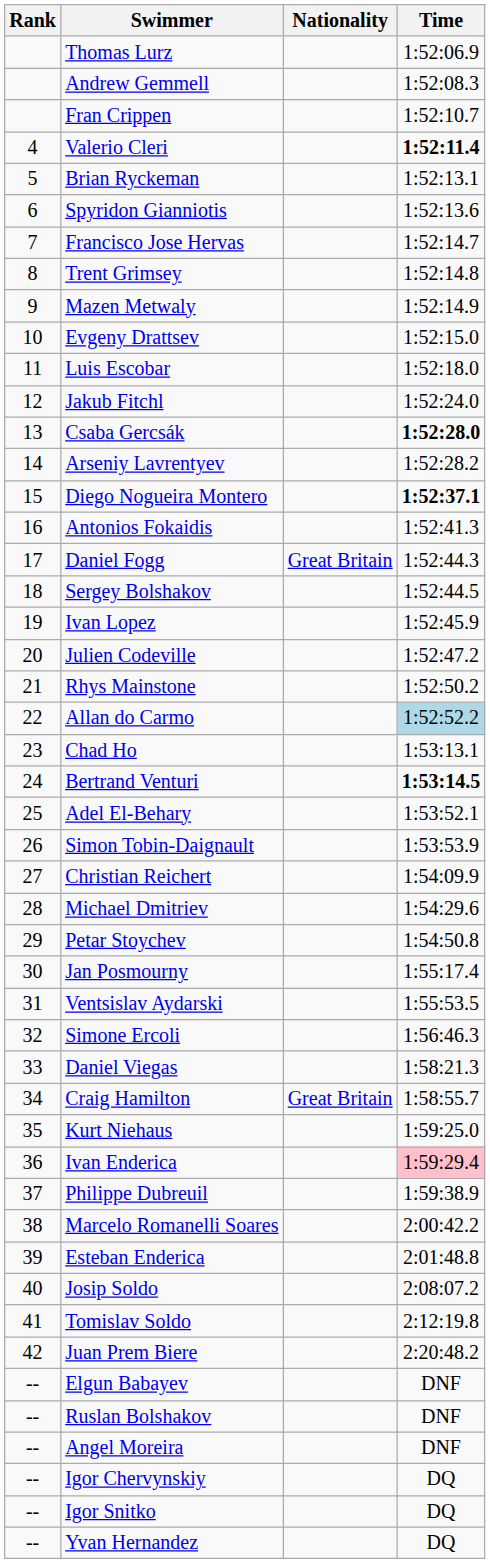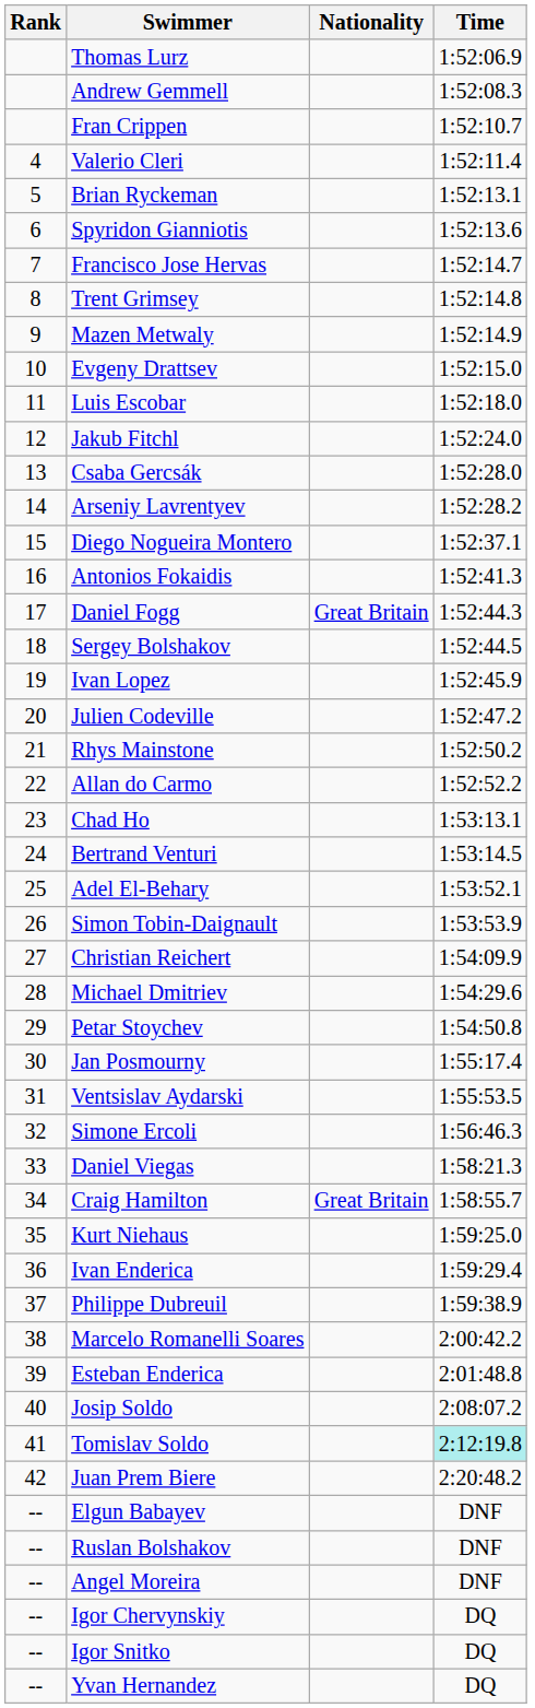 <table class="wikitable" border="1" style="text-align:center">
 <tr>
 <th>Rank</th>
 <th>Swimmer</th>
 <th>Nationality</th>
 <th>Time</th>
 </tr>
 <tr>
 <td></td>
 <td align=left><a href='#'>Thomas Lurz</a></td>
 <td align=left></td>
 <td>1:52:06.9</td>
 </tr>
 <tr>
 <td></td>
 <td align=left><a href='#'>Andrew Gemmell</a></td>
 <td align=left></td>
 <td>1:52:08.3</td>
 </tr>
 <tr>
 <td></td>
 <td align=left><a href='#'>Fran Crippen</a></td>
 <td align=left></td>
 <td>1:52:10.7</td>
 </tr>
 <tr>
 <td>4</td>
 <td align=left><a href='#'>Valerio Cleri</a></td>
 <td align=left></td>
-<td><strong>1:52:11.4</strong></td>
+<td>1:52:11.4</td>
 </tr>
 <tr>
 <td>5</td>
 <td align=left><a href='#'>Brian Ryckeman</a></td>
 <td align=left></td>
 <td>1:52:13.1</td>
 </tr>
 <tr>
 <td>6</td>
 <td align=left><a href='#'>Spyridon Gianniotis</a></td>
 <td align=left></td>
 <td>1:52:13.6</td>
 </tr>
 <tr>
 <td>7</td>
 <td align=left><a href='#'>Francisco Jose Hervas</a></td>
 <td align=left></td>
 <td>1:52:14.7</td>
 </tr>
 <tr>
 <td>8</td>
 <td align=left><a href='#'>Trent Grimsey</a></td>
 <td align=left></td>
 <td>1:52:14.8</td>
 </tr>
 <tr>
 <td>9</td>
 <td align=left><a href='#'>Mazen Metwaly</a></td>
 <td align=left></td>
 <td>1:52:14.9</td>
 </tr>
 <tr>
 <td>10</td>
 <td align=left><a href='#'>Evgeny Drattsev</a></td>
 <td align=left></td>
 <td>1:52:15.0</td>
 </tr>
 <tr>
 <td>11</td>
 <td align=left><a href='#'>Luis Escobar</a></td>
 <td align=left></td>
 <td>1:52:18.0</td>
 </tr>
 <tr>
 <td>12</td>
 <td align=left><a href='#'>Jakub Fitchl</a></td>
 <td align=left></td>
 <td>1:52:24.0</td>
 </tr>
 <tr>
 <td>13</td>
 <td align=left><a href='#'>Csaba Gercsák</a></td>
 <td align=left></td>
-<td><strong>1:52:28.0</strong></td>
+<td>1:52:28.0</td>
 </tr>
 <tr>
 <td>14</td>
 <td align=left><a href='#'>Arseniy Lavrentyev</a></td>
 <td align=left></td>
 <td>1:52:28.2</td>
 </tr>
 <tr>
 <td>15</td>
 <td align=left><a href='#'>Diego Nogueira Montero</a></td>
 <td align=left></td>
-<td><strong>1:52:37.1</strong></td>
+<td>1:52:37.1</td>
 </tr>
 <tr>
 <td>16</td>
 <td align=left><a href='#'>Antonios Fokaidis</a></td>
 <td align=left></td>
 <td>1:52:41.3</td>
 </tr>
 <tr>
 <td>17</td>
 <td align=left><a href='#'>Daniel Fogg</a></td>
 <td align=left> <a href='#'>Great Britain</a></td>
 <td>1:52:44.3</td>
 </tr>
 <tr>
 <td>18</td>
 <td align=left><a href='#'>Sergey Bolshakov</a></td>
 <td align=left></td>
 <td>1:52:44.5</td>
 </tr>
 <tr>
 <td>19</td>
 <td align=left><a href='#'>Ivan Lopez</a></td>
 <td align=left></td>
 <td>1:52:45.9</td>
 </tr>
 <tr>
 <td>20</td>
 <td align=left><a href='#'>Julien Codeville</a></td>
 <td align=left></td>
 <td>1:52:47.2</td>
 </tr>
 <tr>
 <td>21</td>
 <td align=left><a href='#'>Rhys Mainstone</a></td>
 <td align=left></td>
 <td>1:52:50.2</td>
 </tr>
 <tr>
 <td>22</td>
 <td align=left><a href='#'>Allan do Carmo</a></td>
 <td align=left></td>
-<td style="background: lightblue;">1:52:52.2</td>
+<td>1:52:52.2</td>
 </tr>
 <tr>
 <td>23</td>
 <td align=left><a href='#'>Chad Ho</a></td>
 <td align=left></td>
 <td>1:53:13.1</td>
 </tr>
 <tr>
 <td>24</td>
 <td align=left><a href='#'>Bertrand Venturi</a></td>
 <td align=left></td>
-<td><strong>1:53:14.5</strong></td>
+<td>1:53:14.5</td>
 </tr>
 <tr>
 <td>25</td>
 <td align=left><a href='#'>Adel El-Behary</a></td>
 <td align=left></td>
 <td>1:53:52.1</td>
 </tr>
 <tr>
 <td>26</td>
 <td align=left><a href='#'>Simon Tobin-Daignault</a></td>
 <td align=left></td>
 <td>1:53:53.9</td>
 </tr>
 <tr>
 <td>27</td>
 <td align=left><a href='#'>Christian Reichert</a></td>
 <td align=left></td>
 <td>1:54:09.9</td>
 </tr>
 <tr>
 <td>28</td>
 <td align=left><a href='#'>Michael Dmitriev</a></td>
 <td align=left></td>
 <td>1:54:29.6</td>
 </tr>
 <tr>
 <td>29</td>
 <td align=left><a href='#'>Petar Stoychev</a></td>
 <td align=left></td>
 <td>1:54:50.8</td>
 </tr>
 <tr>
 <td>30</td>
 <td align=left><a href='#'>Jan Posmourny</a></td>
 <td align=left></td>
 <td>1:55:17.4</td>
 </tr>
 <tr>
 <td>31</td>
 <td align=left><a href='#'>Ventsislav Aydarski</a></td>
 <td align=left></td>
 <td>1:55:53.5</td>
 </tr>
 <tr>
 <td>32</td>
 <td align=left><a href='#'>Simone Ercoli</a></td>
 <td align=left></td>
 <td>1:56:46.3</td>
 </tr>
 <tr>
 <td>33</td>
 <td align=left><a href='#'>Daniel Viegas</a></td>
 <td align=left></td>
 <td>1:58:21.3</td>
 </tr>
 <tr>
 <td>34</td>
 <td align=left><a href='#'>Craig Hamilton</a></td>
 <td align=left> <a href='#'>Great Britain</a></td>
 <td>1:58:55.7</td>
 </tr>
 <tr>
 <td>35</td>
 <td align=left><a href='#'>Kurt Niehaus</a></td>
 <td align=left></td>
 <td>1:59:25.0</td>
 </tr>
 <tr>
 <td>36</td>
 <td align=left><a href='#'>Ivan Enderica</a></td>
 <td align=left></td>
-<td style="background: pink;">1:59:29.4</td>
+<td>1:59:29.4</td>
 </tr>
 <tr>
 <td>37</td>
 <td align=left><a href='#'>Philippe Dubreuil</a></td>
 <td align=left></td>
 <td>1:59:38.9</td>
 </tr>
 <tr>
 <td>38</td>
 <td align=left><a href='#'>Marcelo Romanelli Soares</a></td>
 <td align=left></td>
 <td>2:00:42.2</td>
 </tr>
 <tr>
 <td>39</td>
 <td align=left><a href='#'>Esteban Enderica</a></td>
 <td align=left></td>
 <td>2:01:48.8</td>
 </tr>
 <tr>
 <td>40</td>
 <td align=left><a href='#'>Josip Soldo</a></td>
 <td align=left></td>
 <td>2:08:07.2</td>
 </tr>
 <tr>
 <td>41</td>
 <td align=left><a href='#'>Tomislav Soldo</a></td>
 <td align=left></td>
-<td>2:12:19.8</td>
+<td style="background: paleturquoise;">2:12:19.8</td>
 </tr>
 <tr>
 <td>42</td>
 <td align=left><a href='#'>Juan Prem Biere</a></td>
 <td align=left></td>
 <td>2:20:48.2</td>
 </tr>
 <tr>
 <td>--</td>
 <td align=left><a href='#'>Elgun Babayev</a></td>
 <td align=left></td>
 <td>DNF</td>
 </tr>
 <tr>
 <td>--</td>
 <td align=left><a href='#'>Ruslan Bolshakov</a></td>
 <td align=left></td>
 <td>DNF</td>
 </tr>
 <tr>
 <td>--</td>
 <td align=left><a href='#'>Angel Moreira</a></td>
 <td align=left></td>
 <td>DNF</td>
 </tr>
 <tr>
 <td>--</td>
 <td align=left><a href='#'>Igor Chervynskiy</a></td>
 <td align=left></td>
 <td>DQ</td>
 </tr>
 <tr>
 <td>--</td>
 <td align=left><a href='#'>Igor Snitko</a></td>
 <td align=left></td>
 <td>DQ</td>
 </tr>
 <tr>
 <td>--</td>
 <td align=left><a href='#'>Yvan Hernandez</a></td>
 <td align=left></td>
 <td>DQ</td>
 </tr>
 </table>
